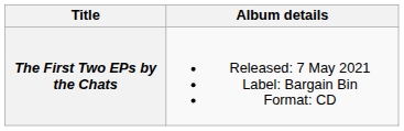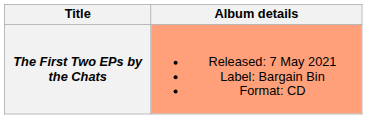 <table class="wikitable plainrowheaders" style="text-align:center;">
 <tr>
 <th style="width:11em;">Title</th>
 <th style="width:16em;">Album details</th>
 </tr>
 <tr>
 <th scope="row"><em>The First Two EPs by the Chats</em></th>
-<td><br><ul><li>Released: 7 May 2021</li><li>Label: Bargain Bin</li><li>Format: CD</li></ul></td>
+<td style="background: lightsalmon;"><br><ul><li>Released: 7 May 2021</li><li>Label: Bargain Bin</li><li>Format: CD</li></ul></td>
 </tr>
 </table>
